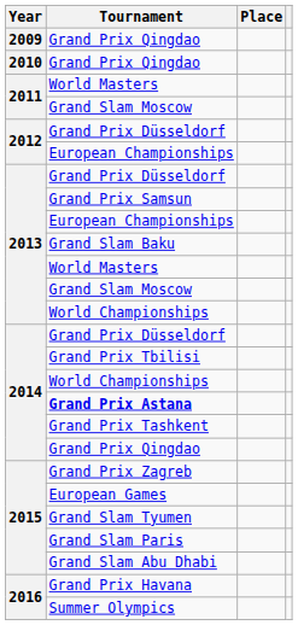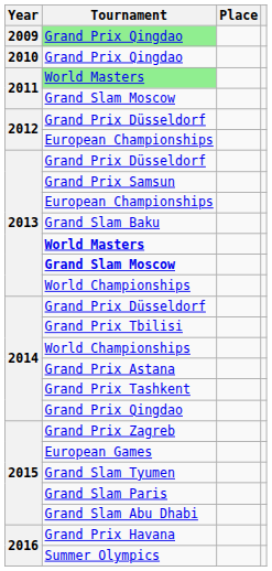 <table class="wikitable sortable" style="text-align:center;">
 <tr>
 <th>Year</th>
 <th>Tournament</th>
 <th>Place</th>
 <th></th>
 </tr>
 <tr>
 <th>2009</th>
-<td align=left><a href='#'>Grand Prix Qingdao</a></td>
+<td align=left style="background: lightgreen;"><a href='#'>Grand Prix Qingdao</a></td>
 <td></td>
 <td></td>
 </tr>
 <tr>
 <th>2010</th>
 <td align=left><a href='#'>Grand Prix Qingdao</a></td>
 <td></td>
 <td></td>
 </tr>
 <tr>
 <th rowspan=2>2011</th>
-<td align=left><a href='#'>World Masters</a></td>
+<td align=left style="background: lightgreen;"><a href='#'>World Masters</a></td>
 <td></td>
 <td></td>
 </tr>
 <tr>
 <td align=left><a href='#'>Grand Slam Moscow</a></td>
 <td></td>
 <td></td>
 </tr>
 <tr>
 <th rowspan=2>2012</th>
 <td align=left><a href='#'>Grand Prix Düsseldorf</a></td>
 <td></td>
 <td></td>
 </tr>
 <tr>
 <td align=left><a href='#'>European Championships</a></td>
 <td></td>
 <td></td>
 </tr>
 <tr>
 <th rowspan=7>2013</th>
 <td align=left><a href='#'>Grand Prix Düsseldorf</a></td>
 <td></td>
 <td></td>
 </tr>
 <tr>
 <td align=left><a href='#'>Grand Prix Samsun</a></td>
 <td></td>
 <td></td>
 </tr>
 <tr>
 <td align=left><a href='#'>European Championships</a></td>
 <td></td>
 <td></td>
 </tr>
 <tr>
 <td align=left><a href='#'>Grand Slam Baku</a></td>
 <td></td>
 <td></td>
 </tr>
 <tr>
-<td align=left><a href='#'>World Masters</a></td>
+<td align=left><strong><a href='#'>World Masters</a></strong></td>
 <td></td>
 <td></td>
 </tr>
 <tr>
-<td align=left><a href='#'>Grand Slam Moscow</a></td>
+<td align=left><strong><a href='#'>Grand Slam Moscow</a></strong></td>
 <td></td>
 <td></td>
 </tr>
 <tr>
 <td align=left><a href='#'>World Championships</a></td>
 <td></td>
 <td></td>
 </tr>
 <tr>
 <th rowspan=6>2014</th>
 <td align=left><a href='#'>Grand Prix Düsseldorf</a></td>
 <td></td>
 <td></td>
 </tr>
 <tr>
 <td align=left><a href='#'>Grand Prix Tbilisi</a></td>
 <td></td>
 <td></td>
 </tr>
 <tr>
 <td align=left><a href='#'>World Championships</a></td>
 <td></td>
 <td></td>
 </tr>
 <tr>
-<td align=left><strong><a href='#'>Grand Prix Astana</a></strong></td>
+<td align=left><a href='#'>Grand Prix Astana</a></td>
 <td></td>
 <td></td>
 </tr>
 <tr>
 <td align=left><a href='#'>Grand Prix Tashkent</a></td>
 <td></td>
 <td></td>
 </tr>
 <tr>
 <td align=left><a href='#'>Grand Prix Qingdao</a></td>
 <td></td>
 <td></td>
 </tr>
 <tr>
 <th rowspan=5>2015</th>
 <td align=left><a href='#'>Grand Prix Zagreb</a></td>
 <td></td>
 <td></td>
 </tr>
 <tr>
 <td align=left><a href='#'>European Games</a></td>
 <td></td>
 <td></td>
 </tr>
 <tr>
 <td align=left><a href='#'>Grand Slam Tyumen</a></td>
 <td></td>
 <td></td>
 </tr>
 <tr>
 <td align=left><a href='#'>Grand Slam Paris</a></td>
 <td></td>
 <td></td>
 </tr>
 <tr>
 <td align=left><a href='#'>Grand Slam Abu Dhabi</a></td>
 <td></td>
 <td></td>
 </tr>
 <tr>
 <th rowspan=2>2016</th>
 <td align=left><a href='#'>Grand Prix Havana</a></td>
 <td></td>
 <td></td>
 </tr>
 <tr>
 <td align=left><a href='#'>Summer Olympics</a></td>
 <td></td>
 <td></td>
 </tr>
 </table>
